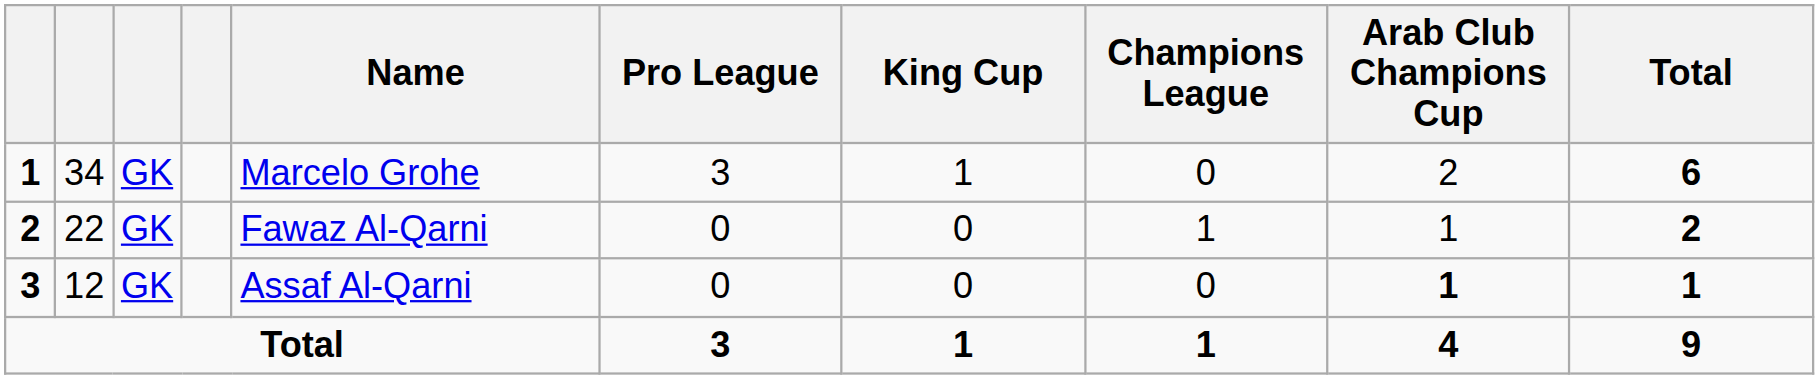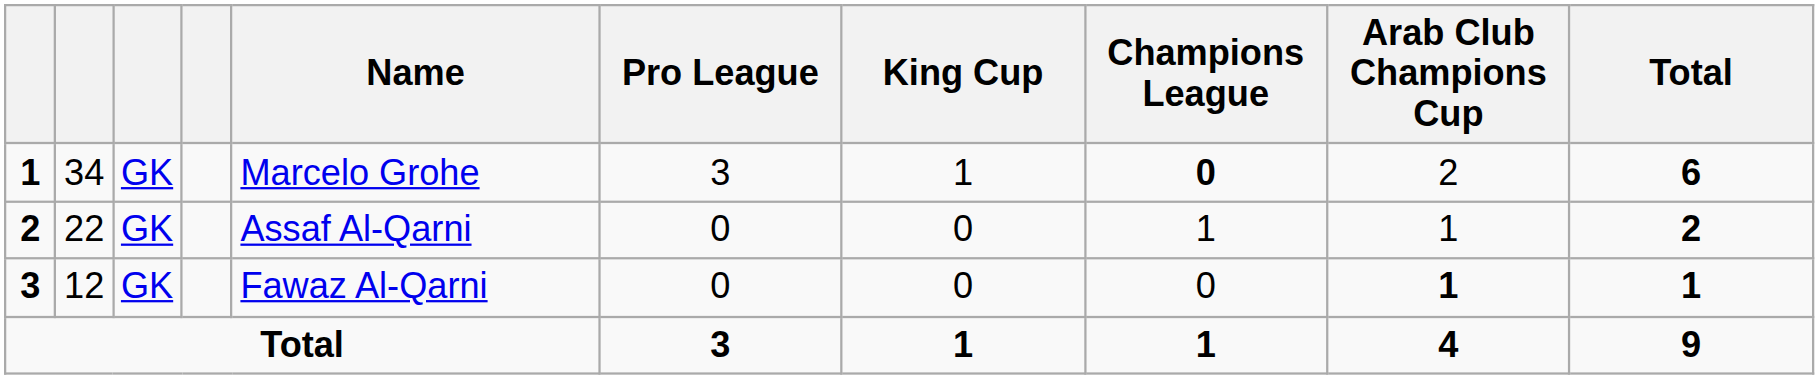 <table class="wikitable" style="text-align:center">
 <tr>
 <th width=15></th>
 <th width=15></th>
 <th width=15></th>
 <th width=15></th>
 <th width=155>Name</th>
 <th width=100>Pro League</th>
 <th width=100>King Cup</th>
 <th width=100>Champions League</th>
 <th width=100>Arab Club Champions Cup</th>
 <th width=100>Total</th>
 </tr>
 <tr>
 <td><strong>1</strong></td>
 <td>34</td>
 <td><a href='#'>GK</a></td>
 <td></td>
 <td align=left><a href='#'>Marcelo Grohe</a></td>
 <td>3</td>
 <td>1</td>
-<td>0</td>
+<td><strong>0</strong></td>
 <td>2</td>
 <td><strong>6</strong></td>
 </tr>
 <tr>
 <td><strong>2</strong></td>
 <td>22</td>
 <td><a href='#'>GK</a></td>
 <td></td>
-<td align=left><a href='#'>Fawaz Al-Qarni</a></td>
+<td align=left><a href='#'>Assaf Al-Qarni</a></td>
 <td>0</td>
 <td>0</td>
 <td>1</td>
 <td>1</td>
 <td><strong>2</strong></td>
 </tr>
 <tr>
 <td><strong>3</strong></td>
 <td>12</td>
 <td><a href='#'>GK</a></td>
 <td></td>
-<td align=left><a href='#'>Assaf Al-Qarni</a></td>
+<td align=left><a href='#'>Fawaz Al-Qarni</a></td>
 <td>0</td>
 <td>0</td>
 <td>0</td>
 <td><strong>1</strong></td>
 <td><strong>1</strong></td>
 </tr>
 <tr>
 <td colspan=5><strong>Total</strong></td>
 <td><strong>3</strong></td>
 <td><strong>1</strong></td>
 <td><strong>1</strong></td>
 <td><strong>4</strong></td>
 <td><strong>9</strong></td>
 </tr>
 </table>
